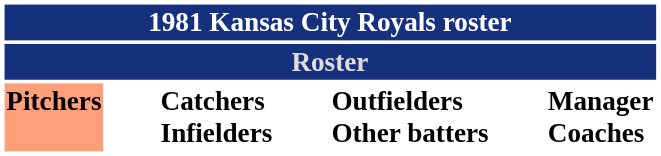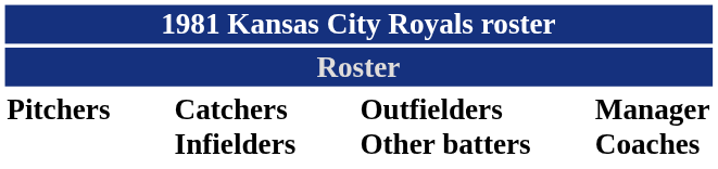 <table class="toccolours" style="font-size: 95%;">
 <tr>
 <th colspan="10" style="background-color: #15317E; color: #FFFFFF; text-align: center;">1981 Kansas City Royals roster</th>
 </tr>
 <tr>
 <td colspan="10" style="background-color: #15317E; color: #DFDCDA; text-align: center;"><strong>Roster</strong></td>
 </tr>
 <tr>
-<td valign="top" style="background: lightsalmon;"><strong>Pitchers</strong><br>            </td>
+<td valign="top"><strong>Pitchers</strong><br>            </td>
 <td width = "25px"></td>
 <td valign="top"><strong>Catchers</strong><br>    <strong>Infielders</strong>          </td>
 <td width = "25px"></td>
 <td valign="top"><strong>Outfielders</strong><br>       <strong>Other batters</strong> </td>
 <td width = "25px"></td>
 <td valign="top"><strong>Manager</strong><br>  <strong>Coaches</strong>     </td>
 </tr>
 <tr>
 </tr>
 </table>
